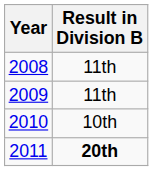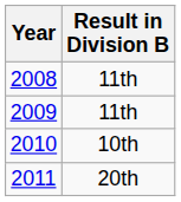 <table class="wikitable" style="text-align:center">
 <tr>
 <th>Year</th>
 <th>Result in<br>Division B</th>
 </tr>
 <tr>
 <td><a href='#'>2008</a></td>
 <td>11th</td>
 </tr>
 <tr>
 <td><a href='#'>2009</a></td>
 <td>11th</td>
 </tr>
 <tr>
 <td><a href='#'>2010</a></td>
 <td>10th</td>
 </tr>
 <tr>
 <td><a href='#'>2011</a></td>
-<td><strong>20th</strong></td>
+<td>20th</td>
 </tr>
 </table>
